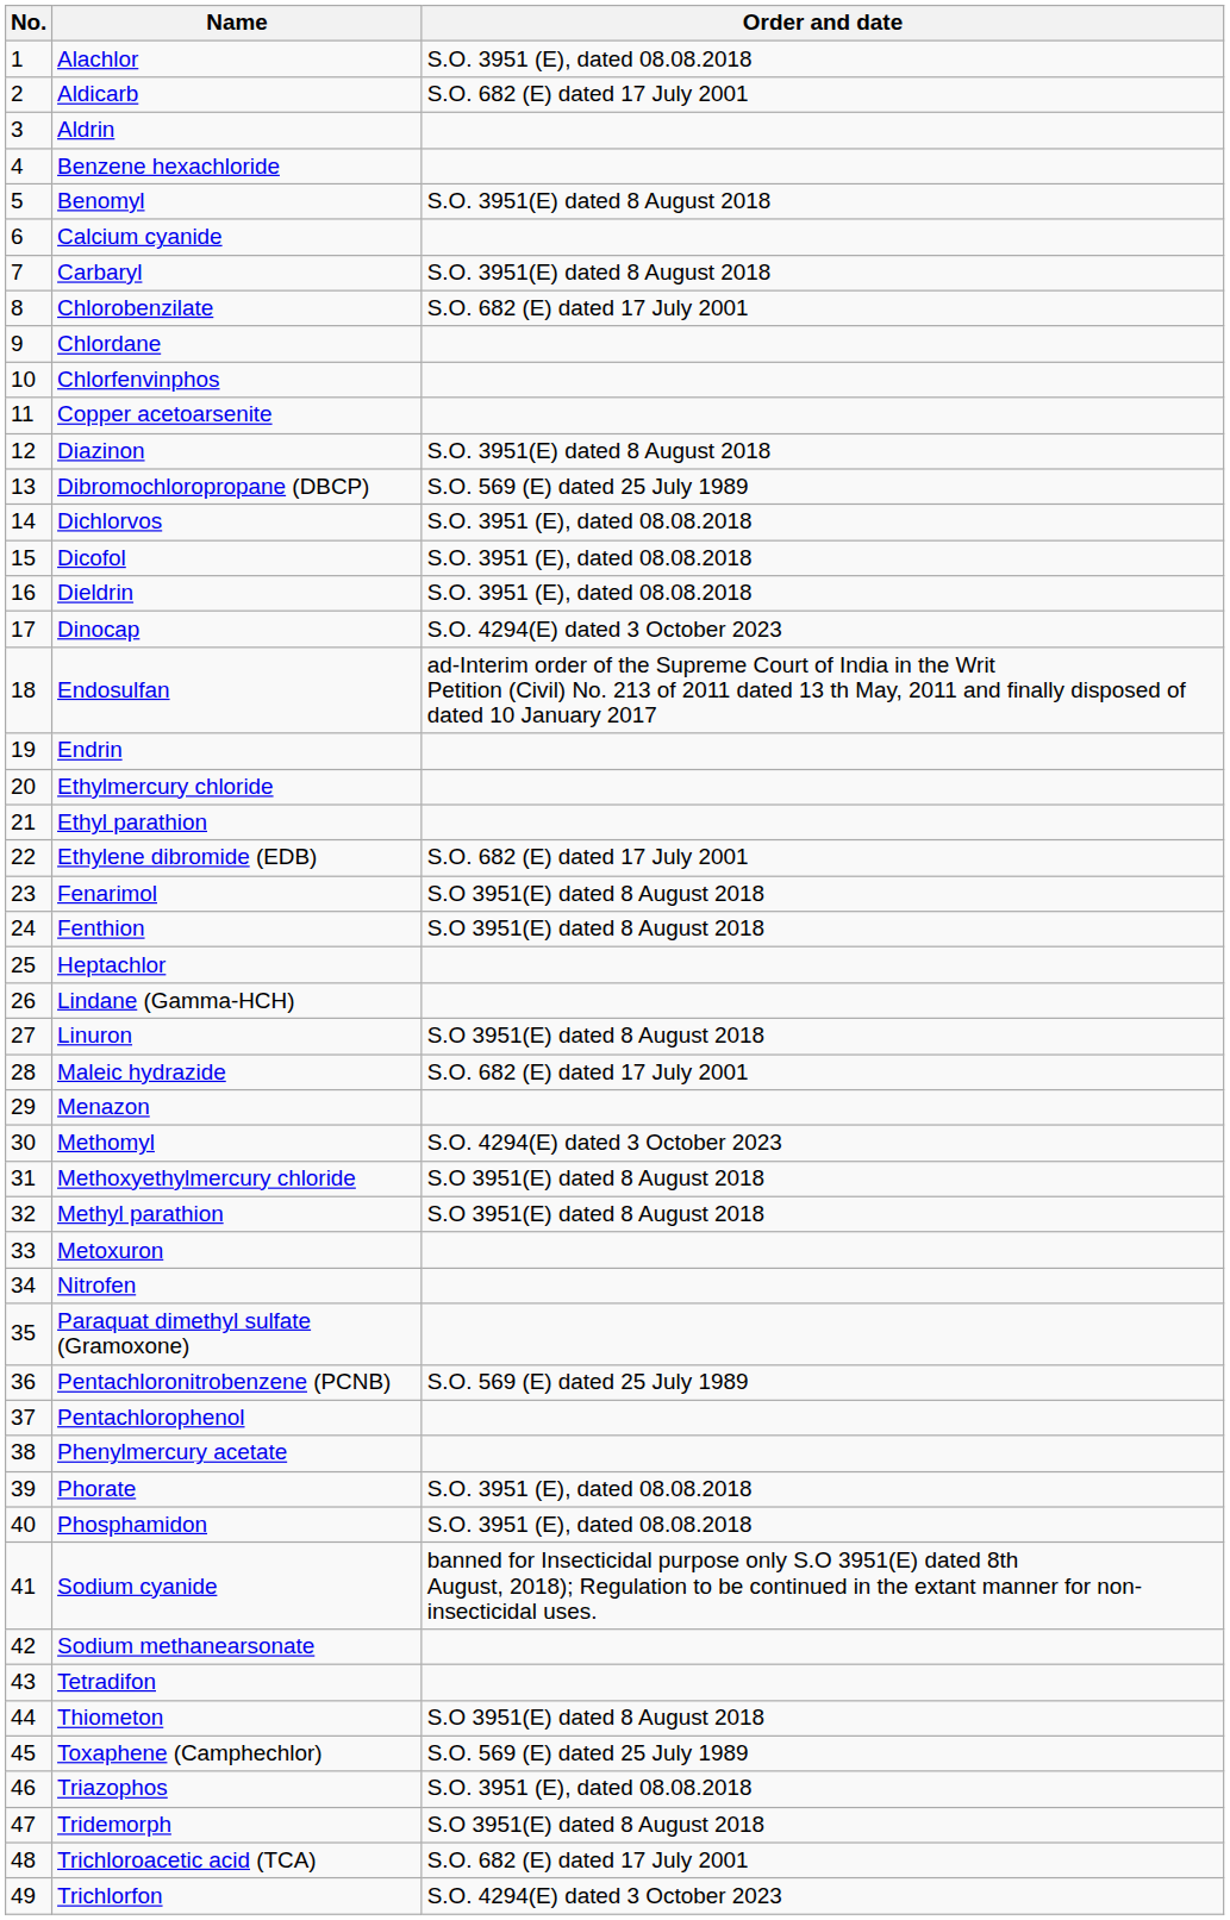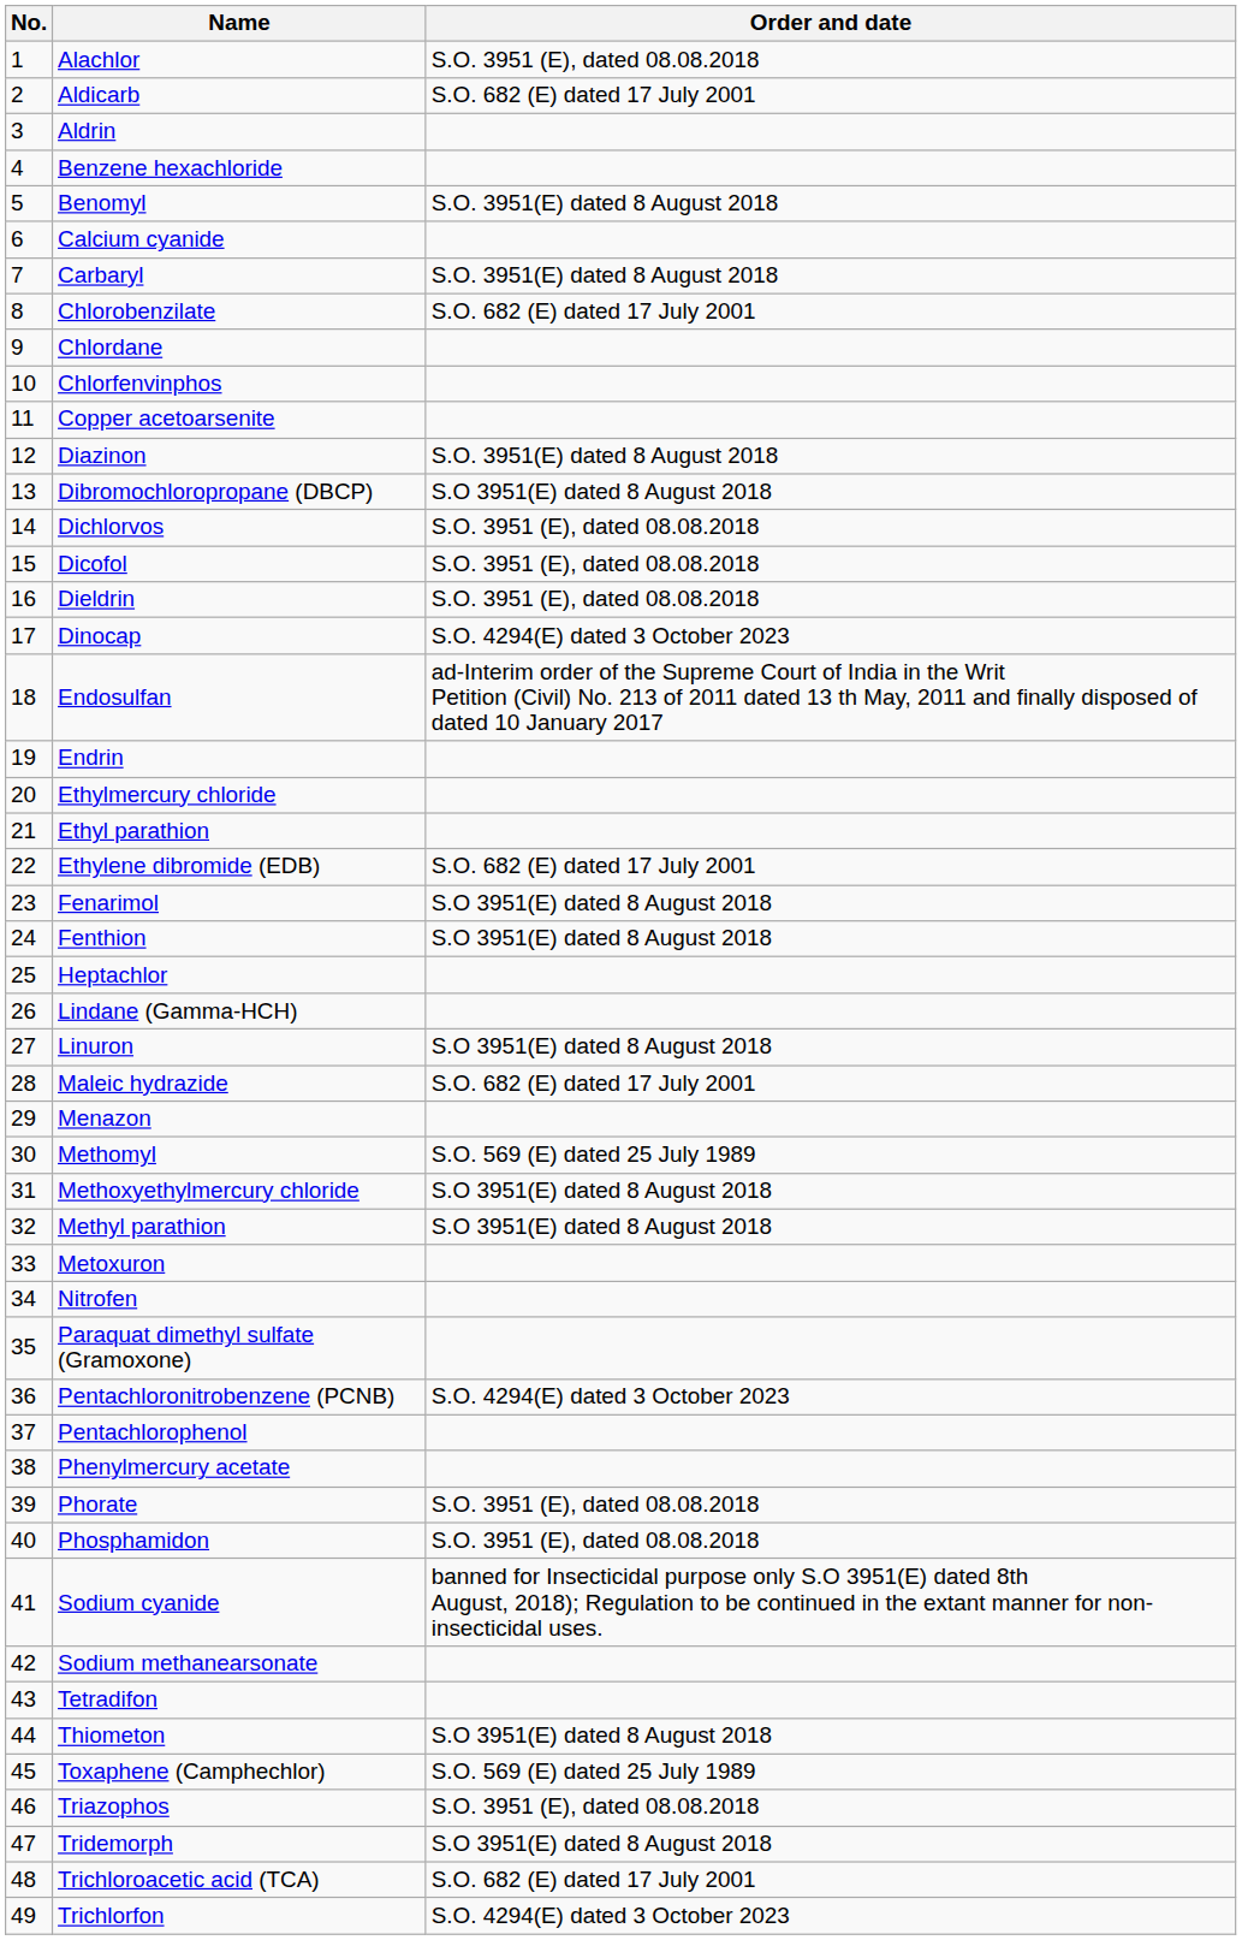 <table class="wikitable">
 <tr>
 <th>No.</th>
 <th>Name</th>
 <th>Order and date</th>
 </tr>
 <tr>
 <td>1</td>
 <td><a href='#'>Alachlor</a></td>
 <td>S.O. 3951 (E), dated 08.08.2018</td>
 </tr>
 <tr>
 <td>2</td>
 <td><a href='#'>Aldicarb</a></td>
 <td>S.O. 682 (E) dated 17 July 2001</td>
 </tr>
 <tr>
 <td>3</td>
 <td><a href='#'>Aldrin</a></td>
 <td></td>
 </tr>
 <tr>
 <td>4</td>
 <td><a href='#'>Benzene hexachloride</a></td>
 <td></td>
 </tr>
 <tr>
 <td>5</td>
 <td><a href='#'>Benomyl</a></td>
 <td>S.O. 3951(E) dated 8 August 2018</td>
 </tr>
 <tr>
 <td>6</td>
 <td><a href='#'>Calcium cyanide</a></td>
 <td></td>
 </tr>
 <tr>
 <td>7</td>
 <td><a href='#'>Carbaryl</a></td>
 <td>S.O. 3951(E) dated 8 August 2018</td>
 </tr>
 <tr>
 <td>8</td>
 <td><a href='#'>Chlorobenzilate</a></td>
 <td>S.O. 682 (E) dated 17 July 2001</td>
 </tr>
 <tr>
 <td>9</td>
 <td><a href='#'>Chlordane</a></td>
 <td></td>
 </tr>
 <tr>
 <td>10</td>
 <td><a href='#'>Chlorfenvinphos</a></td>
 <td></td>
 </tr>
 <tr>
 <td>11</td>
 <td><a href='#'>Copper acetoarsenite</a></td>
 <td></td>
 </tr>
 <tr>
 <td>12</td>
 <td><a href='#'>Diazinon</a></td>
 <td>S.O. 3951(E) dated 8 August 2018</td>
 </tr>
 <tr>
 <td>13</td>
 <td><a href='#'>Dibromochloropropane</a> (DBCP)</td>
-<td>S.O. 569 (E) dated 25 July 1989</td>
+<td>S.O 3951(E) dated 8 August 2018</td>
 </tr>
 <tr>
 <td>14</td>
 <td><a href='#'>Dichlorvos</a></td>
 <td>S.O. 3951 (E), dated 08.08.2018</td>
 </tr>
 <tr>
 <td>15</td>
 <td><a href='#'>Dicofol</a></td>
 <td>S.O. 3951 (E), dated 08.08.2018</td>
 </tr>
 <tr>
 <td>16</td>
 <td><a href='#'>Dieldrin</a></td>
 <td>S.O. 3951 (E), dated 08.08.2018</td>
 </tr>
 <tr>
 <td>17</td>
 <td><a href='#'>Dinocap</a></td>
 <td>S.O. 4294(E) dated 3 October 2023</td>
 </tr>
 <tr>
 <td>18</td>
 <td><a href='#'>Endosulfan</a></td>
 <td>ad-Interim order of the Supreme Court of India in the Writ<br>Petition (Civil) No. 213 of 2011 dated 13 th May, 2011 and finally disposed of dated 10 January 2017</td>
 </tr>
 <tr>
 <td>19</td>
 <td><a href='#'>Endrin</a></td>
 <td></td>
 </tr>
 <tr>
 <td>20</td>
 <td><a href='#'>Ethylmercury chloride</a></td>
 <td></td>
 </tr>
 <tr>
 <td>21</td>
 <td><a href='#'>Ethyl parathion</a></td>
 <td></td>
 </tr>
 <tr>
 <td>22</td>
 <td><a href='#'>Ethylene dibromide</a> (EDB)</td>
 <td>S.O. 682 (E) dated 17 July 2001</td>
 </tr>
 <tr>
 <td>23</td>
 <td><a href='#'>Fenarimol</a></td>
 <td>S.O 3951(E) dated 8 August 2018</td>
 </tr>
 <tr>
 <td>24</td>
 <td><a href='#'>Fenthion</a></td>
 <td>S.O 3951(E) dated 8 August 2018</td>
 </tr>
 <tr>
 <td>25</td>
 <td><a href='#'>Heptachlor</a></td>
 <td></td>
 </tr>
 <tr>
 <td>26</td>
 <td><a href='#'>Lindane</a> (Gamma-HCH)</td>
 <td></td>
 </tr>
 <tr>
 <td>27</td>
 <td><a href='#'>Linuron</a></td>
 <td>S.O 3951(E) dated 8 August 2018</td>
 </tr>
 <tr>
 <td>28</td>
 <td><a href='#'>Maleic hydrazide</a></td>
 <td>S.O. 682 (E) dated 17 July 2001</td>
 </tr>
 <tr>
 <td>29</td>
 <td><a href='#'>Menazon</a></td>
 <td></td>
 </tr>
 <tr>
 <td>30</td>
 <td><a href='#'>Methomyl</a></td>
-<td>S.O. 4294(E) dated 3 October 2023</td>
+<td>S.O. 569 (E) dated 25 July 1989</td>
 </tr>
 <tr>
 <td>31</td>
 <td><a href='#'>Methoxyethylmercury chloride</a></td>
 <td>S.O 3951(E) dated 8 August 2018</td>
 </tr>
 <tr>
 <td>32</td>
 <td><a href='#'>Methyl parathion</a></td>
 <td>S.O 3951(E) dated 8 August 2018</td>
 </tr>
 <tr>
 <td>33</td>
 <td><a href='#'>Metoxuron</a></td>
 <td></td>
 </tr>
 <tr>
 <td>34</td>
 <td><a href='#'>Nitrofen</a></td>
 <td></td>
 </tr>
 <tr>
 <td>35</td>
 <td><a href='#'>Paraquat dimethyl sulfate</a> (Gramoxone)</td>
 <td></td>
 </tr>
 <tr>
 <td>36</td>
 <td><a href='#'>Pentachloronitrobenzene</a> (PCNB)</td>
-<td>S.O. 569 (E) dated 25 July 1989</td>
+<td>S.O. 4294(E) dated 3 October 2023</td>
 </tr>
 <tr>
 <td>37</td>
 <td><a href='#'>Pentachlorophenol</a></td>
 <td></td>
 </tr>
 <tr>
 <td>38</td>
 <td><a href='#'>Phenylmercury acetate</a></td>
 <td></td>
 </tr>
 <tr>
 <td>39</td>
 <td><a href='#'>Phorate</a></td>
 <td>S.O. 3951 (E), dated 08.08.2018</td>
 </tr>
 <tr>
 <td>40</td>
 <td><a href='#'>Phosphamidon</a></td>
 <td>S.O. 3951 (E), dated 08.08.2018</td>
 </tr>
 <tr>
 <td>41</td>
 <td><a href='#'>Sodium cyanide</a></td>
 <td>banned for Insecticidal purpose only S.O 3951(E) dated 8th<br>August, 2018); Regulation to be continued in the extant manner for non-insecticidal uses.</td>
 </tr>
 <tr>
 <td>42</td>
 <td><a href='#'>Sodium methanearsonate</a></td>
 <td></td>
 </tr>
 <tr>
 <td>43</td>
 <td><a href='#'>Tetradifon</a></td>
 <td></td>
 </tr>
 <tr>
 <td>44</td>
 <td><a href='#'>Thiometon</a></td>
 <td>S.O 3951(E) dated 8 August 2018</td>
 </tr>
 <tr>
 <td>45</td>
 <td><a href='#'>Toxaphene</a> (Camphechlor)</td>
 <td>S.O. 569 (E) dated 25 July 1989</td>
 </tr>
 <tr>
 <td>46</td>
 <td><a href='#'>Triazophos</a></td>
 <td>S.O. 3951 (E), dated 08.08.2018</td>
 </tr>
 <tr>
 <td>47</td>
 <td><a href='#'>Tridemorph</a></td>
 <td>S.O 3951(E) dated 8 August 2018</td>
 </tr>
 <tr>
 <td>48</td>
 <td><a href='#'>Trichloroacetic acid</a> (TCA)</td>
 <td>S.O. 682 (E) dated 17 July 2001</td>
 </tr>
 <tr>
 <td>49</td>
 <td><a href='#'>Trichlorfon</a></td>
 <td>S.O. 4294(E) dated 3 October 2023</td>
 </tr>
 </table>
